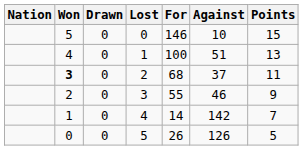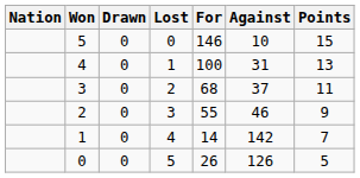 <table class="wikitable" style="text-align: center;">
 <tr>
 <th>Nation</th>
 <th>Won</th>
 <th>Drawn</th>
 <th>Lost</th>
 <th>For</th>
 <th>Against</th>
 <th>Points</th>
 </tr>
 <tr>
 <td align="left"></td>
 <td>5</td>
 <td>0</td>
 <td>0</td>
 <td>146</td>
 <td>10</td>
 <td>15</td>
 </tr>
 <tr>
 <td align="left"></td>
 <td>4</td>
 <td>0</td>
 <td>1</td>
 <td>100</td>
-<td>51</td>
+<td>31</td>
 <td>13</td>
 </tr>
 <tr>
 <td align="left"></td>
-<td><strong>3</strong></td>
+<td>3</td>
 <td>0</td>
 <td>2</td>
 <td>68</td>
 <td>37</td>
 <td>11</td>
 </tr>
 <tr>
 <td align="left"></td>
 <td>2</td>
 <td>0</td>
 <td>3</td>
 <td>55</td>
 <td>46</td>
 <td>9</td>
 </tr>
 <tr>
 <td align="left"></td>
 <td>1</td>
 <td>0</td>
 <td>4</td>
 <td>14</td>
 <td>142</td>
 <td>7</td>
 </tr>
 <tr>
 <td align="left"></td>
 <td>0</td>
 <td>0</td>
 <td>5</td>
 <td>26</td>
 <td>126</td>
 <td>5</td>
 </tr>
 </table>
